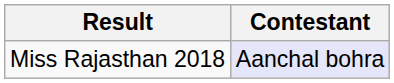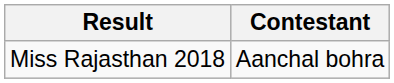 <table class="wikitable">
 <tr>
 <th>Result</th>
 <th>Contestant</th>
 </tr>
 <tr>
 <td>Miss Rajasthan 2018</td>
-<td style="background: lavender;">Aanchal bohra</td>
+<td>Aanchal bohra</td>
 </tr>
 </table>
